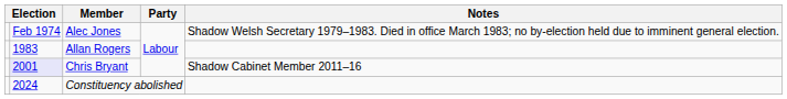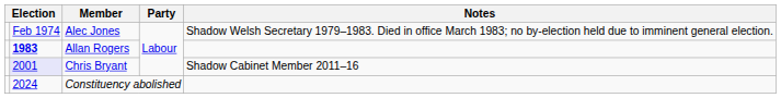 <table class="wikitable">
 <tr>
 <th colspan="2">Election</th>
 <th>Member</th>
 <th>Party</th>
 <th>Notes</th>
 </tr>
 <tr>
 <td style="color:inherit;background-color: "></td>
 <td><a href='#'>Feb 1974</a></td>
 <td><a href='#'>Alec Jones</a></td>
 <td rowspan="3"><a href='#'>Labour</a></td>
 <td>Shadow Welsh Secretary 1979–1983.  Died in office March 1983; no by-election held due to imminent general election.</td>
 </tr>
 <tr>
 <td style="color:inherit;background-color: "></td>
-<td><a href='#'>1983</a></td>
+<td><strong><a href='#'>1983</a></strong></td>
 <td><a href='#'>Allan Rogers</a></td>
 <td></td>
 </tr>
 <tr>
 <td style="color:inherit;background-color: "></td>
 <td style="background: lavender;"><a href='#'>2001</a></td>
 <td><a href='#'>Chris Bryant</a></td>
 <td>Shadow Cabinet Member 2011–16</td>
 </tr>
 <tr>
 <td></td>
 <td><a href='#'>2024</a></td>
 <td colspan="2"><em>Constituency abolished</em></td>
 </tr>
 </table>
